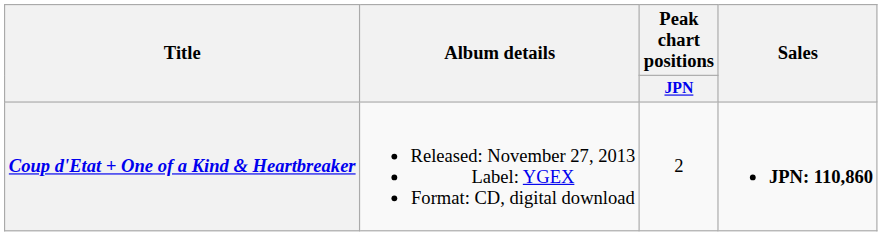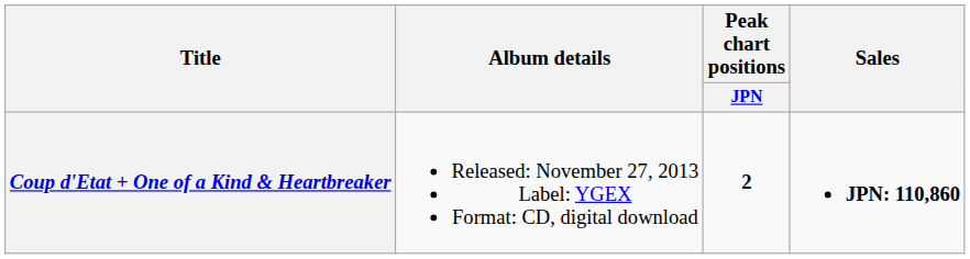 <table class="wikitable plainrowheaders" style="text-align:center;">
 <tr>
 <th scope="col" rowspan="2">Title</th>
 <th scope="col" rowspan="2">Album details</th>
 <th scope="col">Peak chart positions</th>
 <th scope="col" rowspan="2">Sales</th>
 </tr>
 <tr>
 <th scope="col" style="width:2.8em;font-size:85%;"><a href='#'>JPN</a><br></th>
 </tr>
 <tr>
 <th scope="row"><em><a href='#'>Coup d'Etat + One of a Kind & Heartbreaker</a></em></th>
 <td><br><ul><li>Released: November 27, 2013</li><li>Label: <a href='#'>YGEX</a></li><li>Format: CD, digital download</li></ul></td>
-<td>2</td>
+<td><strong>2</strong></td>
 <td><strong><br><ul><li>JPN: 110,860</li></ul></strong></td>
 </tr>
 </table>
